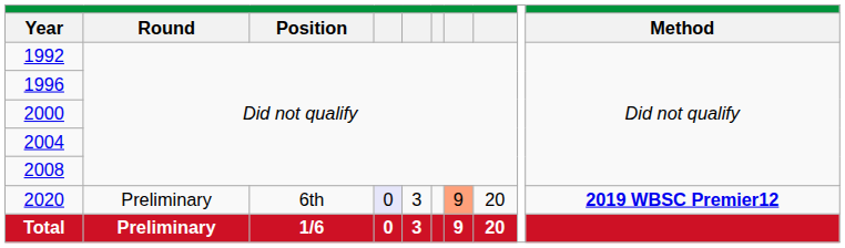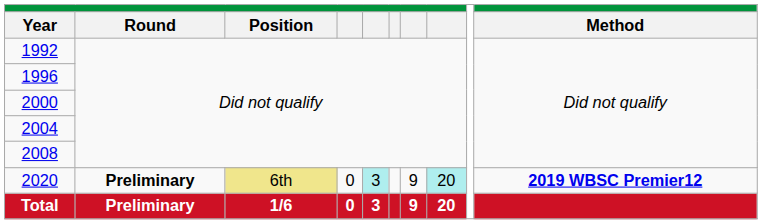 <table class="wikitable" style="text-align: center;">
 <tr>
 <th style="background:#00933B;" colspan="8"><a href='#'></a> </th>
 <th style="background:white; width:1%;" rowspan="9"></th>
 <th style="background:#00933B; color:#FFFFFF;" colspan="5"></th>
 </tr>
 <tr>
 <th>Year</th>
 <th>Round</th>
 <th>Position</th>
 <th></th>
 <th></th>
 <th></th>
 <th></th>
 <th></th>
 <th>Method</th>
 </tr>
 <tr>
 <td> <a href='#'>1992</a></td>
 <td colspan=7 rowspan=5 align=center><em>Did not qualify</em></td>
 <td rowspan=5 align=center><em>Did not qualify</em></td>
 </tr>
 <tr>
 <td> <a href='#'>1996</a></td>
 </tr>
 <tr>
 <td> <a href='#'>2000</a></td>
 </tr>
 <tr>
 <td> <a href='#'>2004</a></td>
 </tr>
 <tr>
 <td> <a href='#'>2008</a></td>
 </tr>
 <tr>
 <td> <a href='#'>2020</a></td>
-<td>Preliminary</td>
-<td>6th</td>
-<td style="background: lavender;">0</td>
-<td>3</td>
+<td><strong>Preliminary</strong></td>
+<td style="background: khaki;">6th</td>
+<td>0</td>
+<td style="background: paleturquoise;">3</td>
 <td></td>
-<td style="background: lightsalmon;">9</td>
-<td>20</td>
+<td>9</td>
+<td style="background: paleturquoise;">20</td>
 <td align=center><strong> <a href='#'>2019 WBSC Premier12</a></strong></td>
 </tr>
 <tr>
 <th style="color:white; background:#CE1125;">Total</th>
 <th style="color:white; background:#CE1125;">Preliminary</th>
 <th style="color:white; background:#CE1125;">1/6</th>
 <th style="color:white; background:#CE1125;">0</th>
 <th style="color:white; background:#CE1125;">3</th>
 <th style="color:white; background:#CE1125;"></th>
 <th style="color:white; background:#CE1125;">9</th>
 <th style="color:white; background:#CE1125;">20</th>
 <th style="color:white; background:#CE1125;"></th>
 </tr>
 </table>
